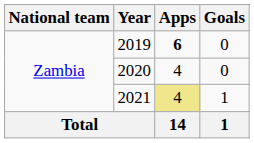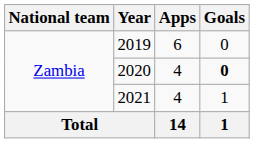 <table class="wikitable" style="text-align:center">
 <tr>
 <th>National team</th>
 <th>Year</th>
 <th>Apps</th>
 <th>Goals</th>
 </tr>
 <tr>
 <td rowspan="3"><a href='#'>Zambia</a></td>
 <td>2019</td>
-<td><strong>6</strong></td>
+<td>6</td>
 <td>0</td>
 </tr>
 <tr>
 <td>2020</td>
 <td>4</td>
-<td>0</td>
+<td><strong>0</strong></td>
 </tr>
 <tr>
 <td>2021</td>
-<td style="background: khaki;">4</td>
+<td>4</td>
 <td>1</td>
 </tr>
 <tr>
 <th colspan=2>Total</th>
 <th>14</th>
 <th>1</th>
 </tr>
 </table>
